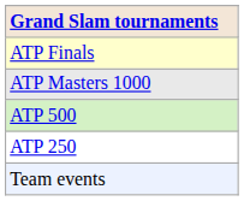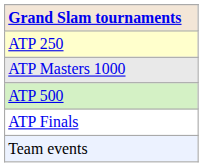 <table class="wikitable nowrap" style="font-size:90%; width:14%;">
 <tr>
 </tr>
 <tr style="background:#f3e6d7;">
 <td><strong><a href='#'>Grand Slam tournaments</a></strong></td>
 </tr>
 <tr style="background:#ffc;">
-<td><a href='#'>ATP Finals</a></td>
+<td><a href='#'>ATP 250</a></td>
 </tr>
 <tr style="background:#e9e9e9;">
 <td><a href='#'>ATP Masters 1000</a></td>
 </tr>
 <tr style="background:#d4f1c5;">
 <td><a href='#'>ATP 500</a></td>
 </tr>
 <tr style="background:#fff;">
-<td><a href='#'>ATP 250</a></td>
+<td><a href='#'>ATP Finals</a></td>
 </tr>
 <tr style="background:#ecf2ff;">
 <td>Team events</td>
 </tr>
 </table>
